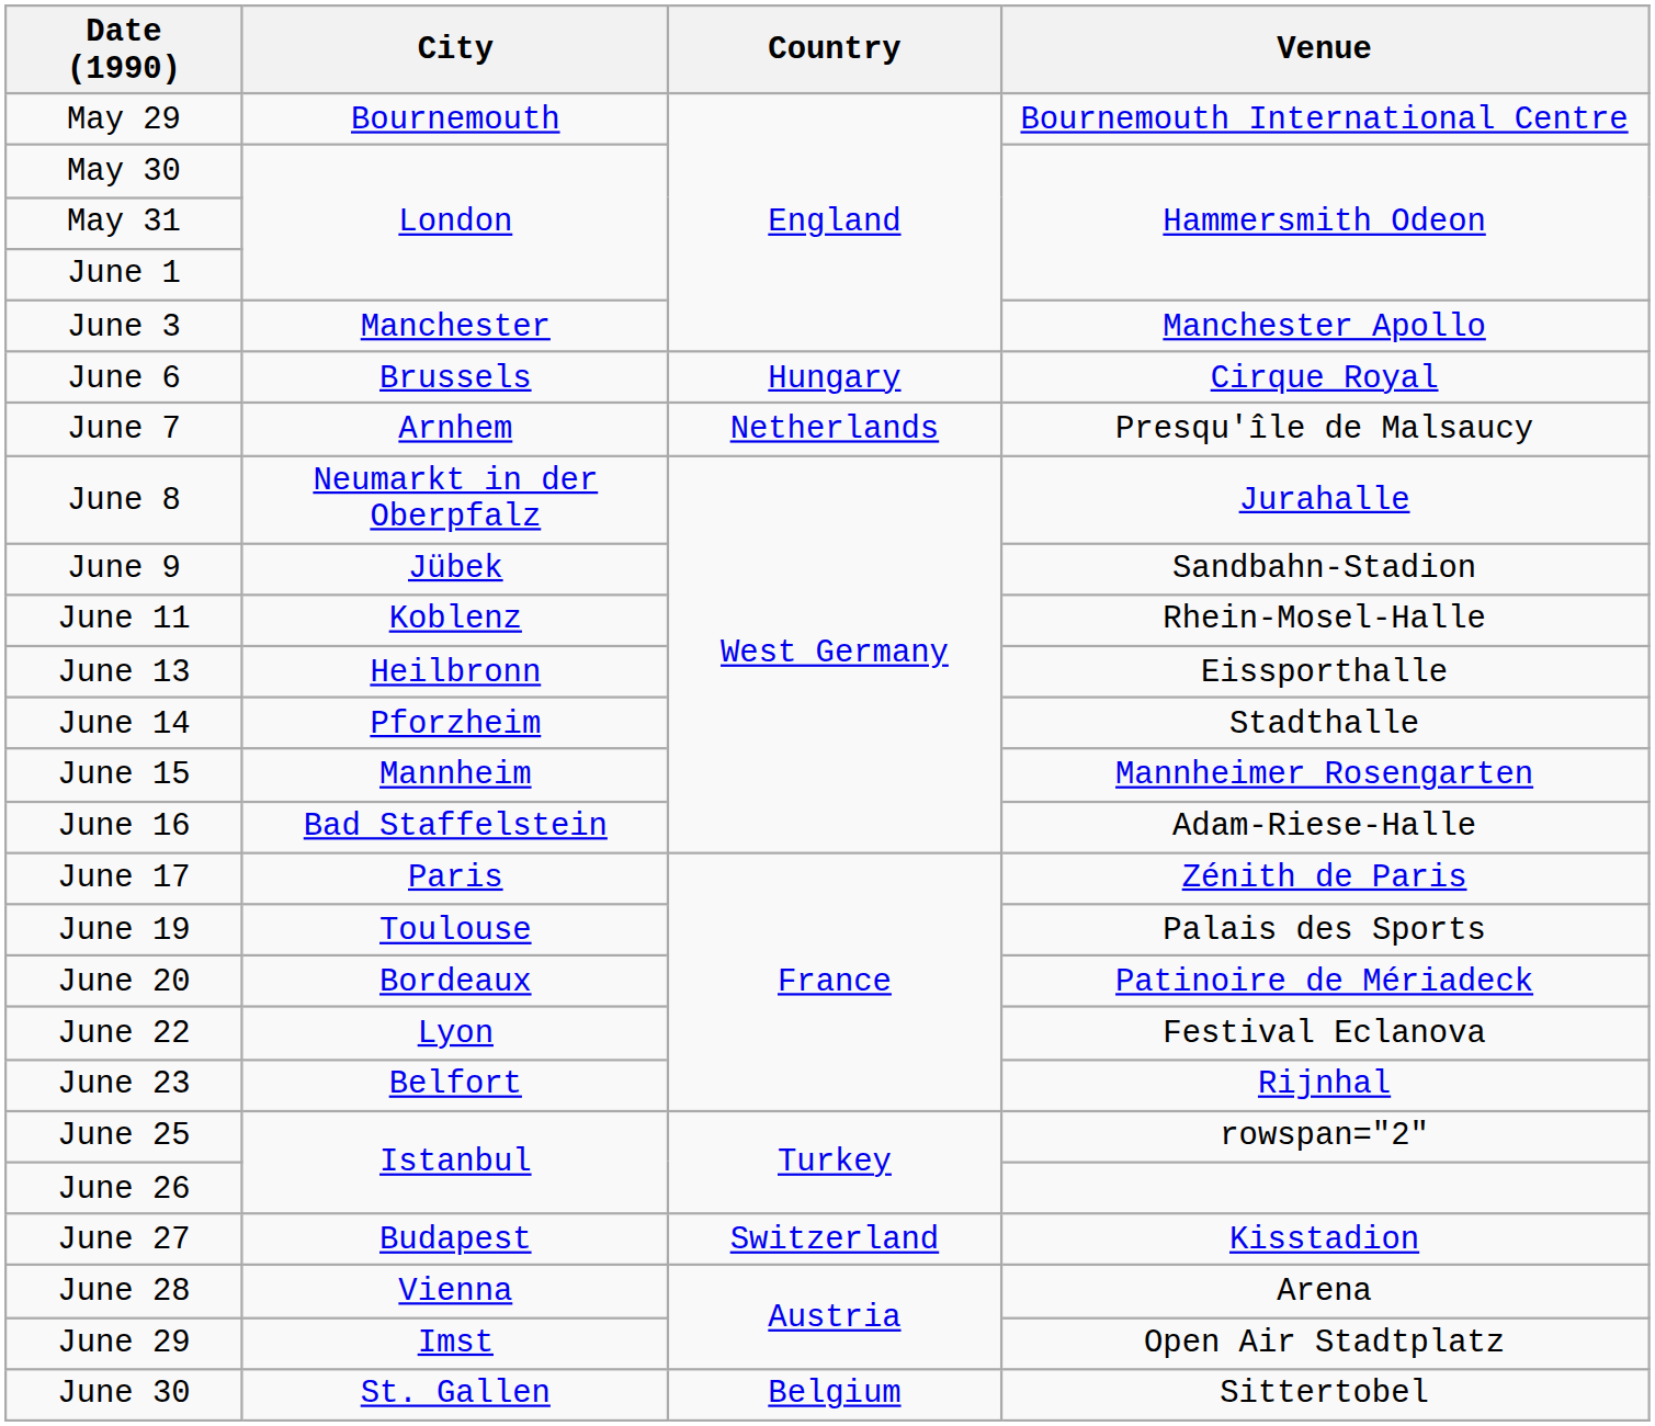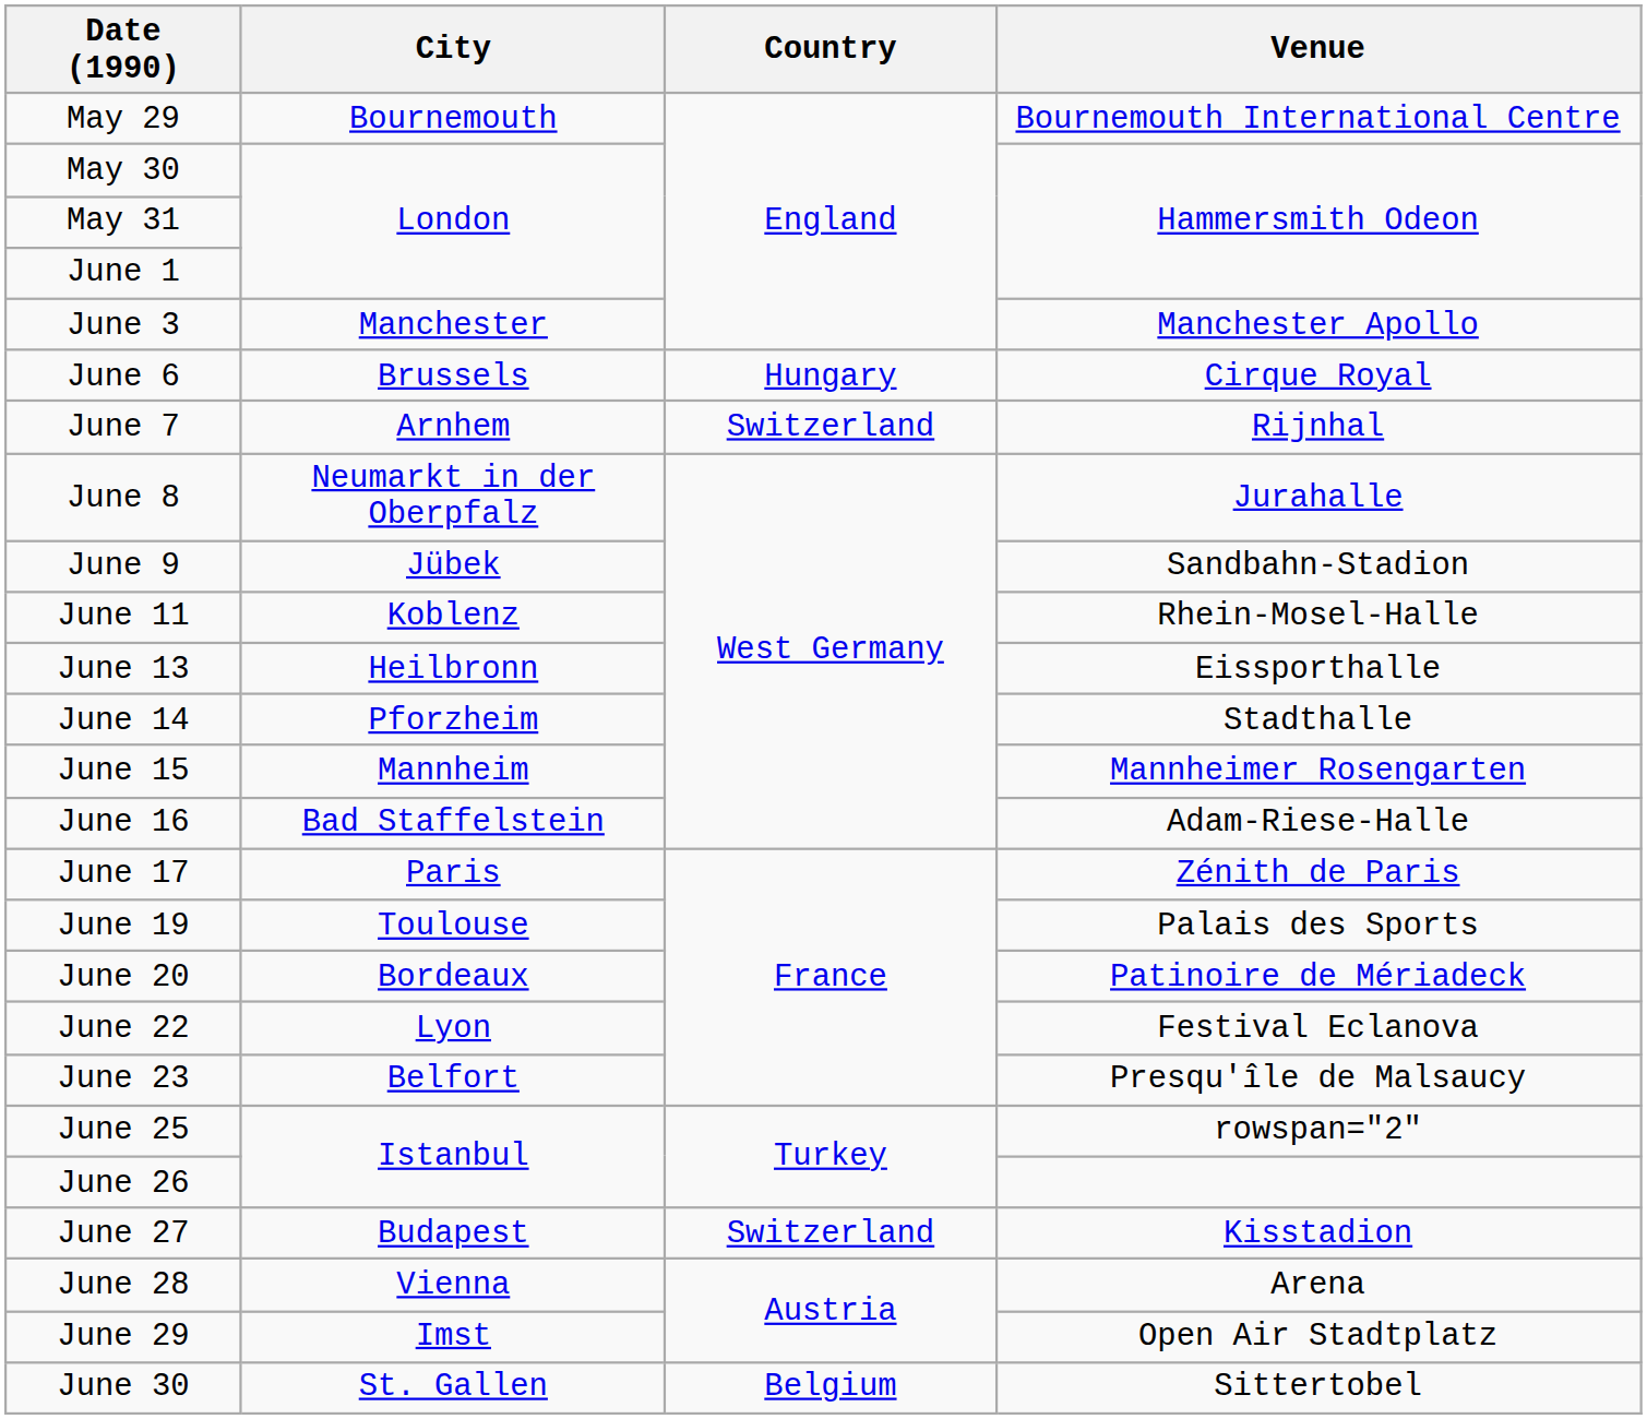 <table class="wikitable sortable plainrowheaders" style="text-align:center;">
 <tr>
 <th scope="col" style="width:7em;">Date<br>(1990)</th>
 <th scope="col" style="width:13em;">City</th>
 <th scope="col" style="width:10em;">Country</th>
 <th scope="col" style="width:20em;">Venue</th>
 </tr>
 <tr>
 <td>May 29</td>
 <td><a href='#'>Bournemouth</a></td>
 <td rowspan="5"><a href='#'>England</a></td>
 <td><a href='#'>Bournemouth International Centre</a></td>
 </tr>
 <tr>
 <td>May 30</td>
 <td rowspan="3"><a href='#'>London</a></td>
 <td rowspan="3"><a href='#'>Hammersmith Odeon</a></td>
 </tr>
 <tr>
 <td>May 31</td>
 </tr>
 <tr>
 <td>June 1</td>
 </tr>
 <tr>
 <td>June 3</td>
 <td><a href='#'>Manchester</a></td>
 <td><a href='#'>Manchester Apollo</a></td>
 </tr>
 <tr>
 <td>June 6</td>
 <td><a href='#'>Brussels</a></td>
 <td><a href='#'>Hungary</a></td>
 <td><a href='#'>Cirque Royal</a></td>
 </tr>
 <tr>
 <td>June 7</td>
 <td><a href='#'>Arnhem</a></td>
-<td><a href='#'>Netherlands</a></td>
-<td>Presqu'île de Malsaucy</td>
+<td><a href='#'>Switzerland</a></td>
+<td><a href='#'>Rijnhal</a></td>
 </tr>
 <tr>
 <td>June 8</td>
 <td><a href='#'>Neumarkt in der Oberpfalz</a></td>
 <td rowspan="7"><a href='#'>West Germany</a></td>
 <td><a href='#'>Jurahalle</a></td>
 </tr>
 <tr>
 <td>June 9</td>
 <td><a href='#'>Jübek</a></td>
 <td>Sandbahn-Stadion</td>
 </tr>
 <tr>
 <td>June 11</td>
 <td><a href='#'>Koblenz</a></td>
 <td>Rhein-Mosel-Halle</td>
 </tr>
 <tr>
 <td>June 13</td>
 <td><a href='#'>Heilbronn</a></td>
 <td>Eissporthalle</td>
 </tr>
 <tr>
 <td>June 14</td>
 <td><a href='#'>Pforzheim</a></td>
 <td>Stadthalle</td>
 </tr>
 <tr>
 <td>June 15</td>
 <td><a href='#'>Mannheim</a></td>
 <td><a href='#'>Mannheimer Rosengarten</a></td>
 </tr>
 <tr>
 <td>June 16</td>
 <td><a href='#'>Bad Staffelstein</a></td>
 <td>Adam-Riese-Halle</td>
 </tr>
 <tr>
 <td>June 17</td>
 <td><a href='#'>Paris</a></td>
 <td rowspan="5"><a href='#'>France</a></td>
 <td><a href='#'>Zénith de Paris</a></td>
 </tr>
 <tr>
 <td>June 19</td>
 <td><a href='#'>Toulouse</a></td>
 <td>Palais des Sports</td>
 </tr>
 <tr>
 <td>June 20</td>
 <td><a href='#'>Bordeaux</a></td>
 <td><a href='#'>Patinoire de Mériadeck</a></td>
 </tr>
 <tr>
 <td>June 22</td>
 <td><a href='#'>Lyon</a></td>
 <td>Festival Eclanova</td>
 </tr>
 <tr>
 <td>June 23</td>
 <td><a href='#'>Belfort</a></td>
-<td><a href='#'>Rijnhal</a></td>
+<td>Presqu'île de Malsaucy</td>
 </tr>
 <tr>
 <td>June 25</td>
 <td rowspan="2"><a href='#'>Istanbul</a></td>
 <td rowspan="2"><a href='#'>Turkey</a></td>
 <td>rowspan="2" </td>
 </tr>
 <tr>
 <td>June 26</td>
 </tr>
 <tr>
 <td>June 27</td>
 <td><a href='#'>Budapest</a></td>
 <td><a href='#'>Switzerland</a></td>
 <td><a href='#'>Kisstadion</a></td>
 </tr>
 <tr>
 <td>June 28</td>
 <td><a href='#'>Vienna</a></td>
 <td rowspan="2"><a href='#'>Austria</a></td>
 <td>Arena</td>
 </tr>
 <tr>
 <td>June 29</td>
 <td><a href='#'>Imst</a></td>
 <td>Open Air Stadtplatz</td>
 </tr>
 <tr>
 <td>June 30</td>
 <td><a href='#'>St. Gallen</a></td>
 <td><a href='#'>Belgium</a></td>
 <td>Sittertobel</td>
 </tr>
 </table>
